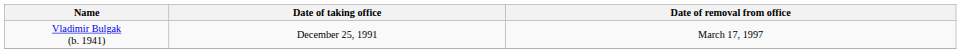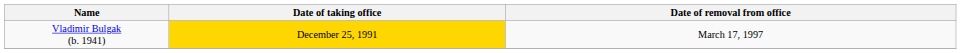 <table class="wikitable" style="text-align:center" width=75%>
 <tr>
 <th width=250px>Name</th>
 <th>Date of taking office</th>
 <th>Date of removal from office</th>
 </tr>
 <tr>
 <td><a href='#'>Vladimir Bulgak</a><br>(b. 1941)<br></td>
-<td>December 25, 1991</td>
+<td style="background: gold;">December 25, 1991</td>
 <td>March 17, 1997</td>
 </tr>
 <tr>
 </tr>
 </table>
